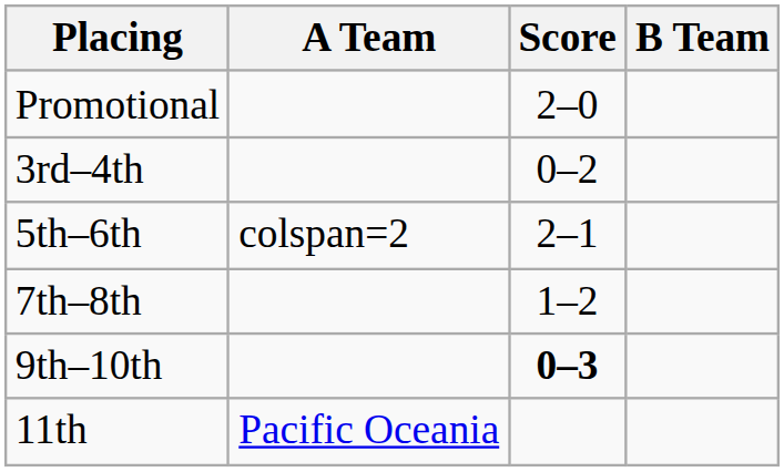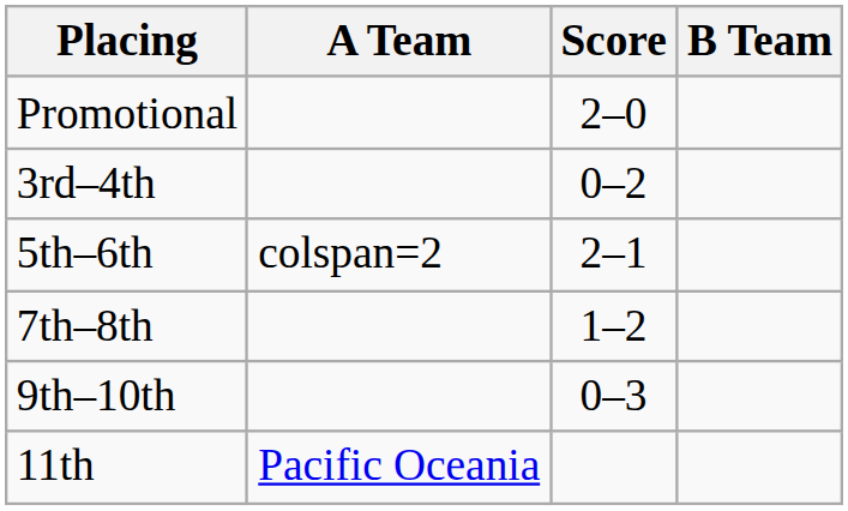 <table class=wikitable style="border:1px solid #AAAAAA;">
 <tr>
 <th>Placing</th>
 <th>A Team</th>
 <th>Score</th>
 <th>B Team</th>
 </tr>
 <tr>
 <td>Promotional</td>
 <td><strong></strong></td>
 <td align="center">2–0</td>
 <td></td>
 </tr>
 <tr>
 <td>3rd–4th</td>
 <td><strong></strong></td>
 <td align="center">0–2</td>
 <td></td>
 </tr>
 <tr>
 <td>5th–6th</td>
 <td>colspan=2 </td>
 <td align="center">2–1</td>
 <td><strong></strong></td>
 </tr>
 <tr>
 <td>7th–8th</td>
 <td></td>
 <td align="center">1–2</td>
 <td><strong></strong></td>
 </tr>
 <tr>
 <td>9th–10th</td>
 <td></td>
-<td align="center"><strong>0–3</strong></td>
+<td align="center">0–3</td>
 <td><strong></strong></td>
 </tr>
 <tr>
 <td>11th</td>
 <td> <a href='#'>Pacific Oceania</a></td>
 <td></td>
 </tr>
 </table>
